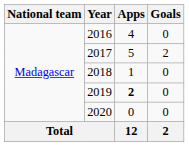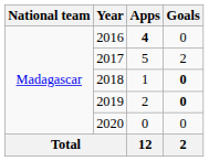 <table class="wikitable" style="text-align:center">
 <tr>
 <th>National team</th>
 <th>Year</th>
 <th>Apps</th>
 <th>Goals</th>
 </tr>
 <tr>
 <td rowspan="5"><a href='#'>Madagascar</a></td>
 <td>2016</td>
-<td>4</td>
+<td><strong>4</strong></td>
 <td>0</td>
 </tr>
 <tr>
 <td>2017</td>
 <td>5</td>
 <td>2</td>
 </tr>
 <tr>
 <td>2018</td>
 <td>1</td>
-<td>0</td>
+<td><strong>0</strong></td>
 </tr>
 <tr>
 <td>2019</td>
-<td><strong>2</strong></td>
-<td>0</td>
+<td>2</td>
+<td><strong>0</strong></td>
 </tr>
 <tr>
 <td>2020</td>
 <td>0</td>
 <td>0</td>
 </tr>
 <tr>
 <th colspan="2">Total</th>
 <th>12</th>
 <th>2</th>
 </tr>
 </table>
